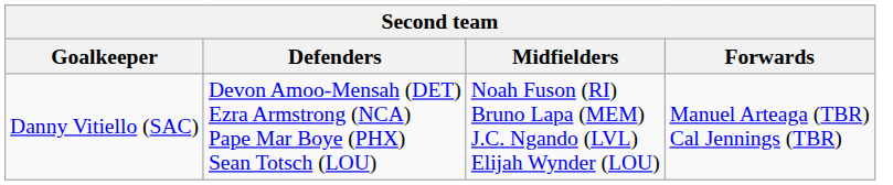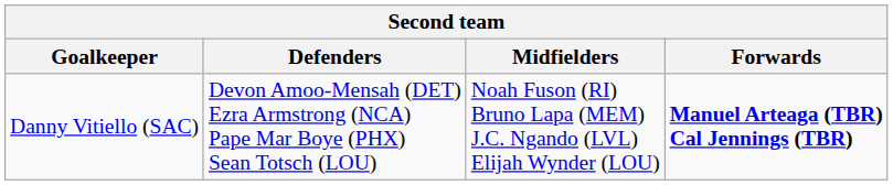 <table class="wikitable">
 <tr>
 <th colspan="4">Second team</th>
 </tr>
 <tr>
 <th>Goalkeeper</th>
 <th>Defenders</th>
 <th>Midfielders</th>
 <th>Forwards</th>
 </tr>
 <tr>
 <td> <a href='#'>Danny Vitiello</a> (<a href='#'>SAC</a>)</td>
 <td> <a href='#'>Devon Amoo-Mensah</a> (<a href='#'>DET</a>)<br> <a href='#'>Ezra Armstrong</a> (<a href='#'>NCA</a>)<br> <a href='#'>Pape Mar Boye</a> (<a href='#'>PHX</a>)<br> <a href='#'>Sean Totsch</a> (<a href='#'>LOU</a>)</td>
 <td> <a href='#'>Noah Fuson</a> (<a href='#'>RI</a>)<br> <a href='#'>Bruno Lapa</a> (<a href='#'>MEM</a>)<br> <a href='#'>J.C. Ngando</a> (<a href='#'>LVL</a>)<br> <a href='#'>Elijah Wynder</a> (<a href='#'>LOU</a>)</td>
-<td> <a href='#'>Manuel Arteaga</a> (<a href='#'>TBR</a>)<br> <a href='#'>Cal Jennings</a> (<a href='#'>TBR</a>)</td>
+<td><strong> <a href='#'>Manuel Arteaga</a> (<a href='#'>TBR</a>)<br> <a href='#'>Cal Jennings</a> (<a href='#'>TBR</a>)</strong></td>
 </tr>
 </table>
